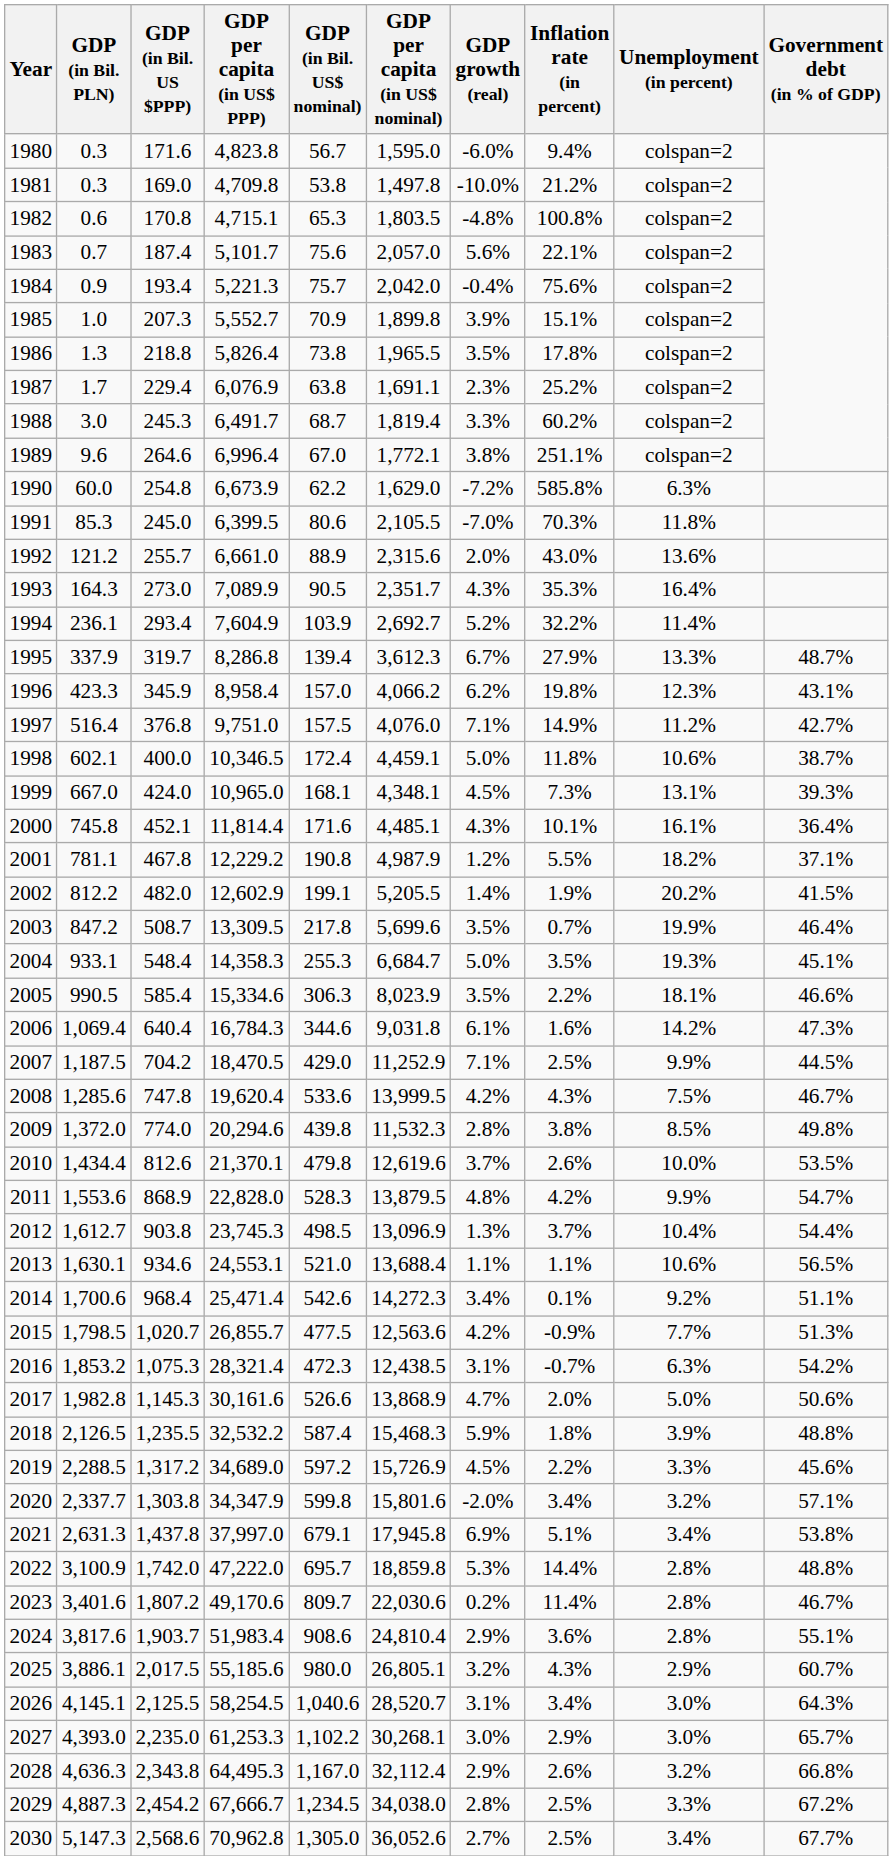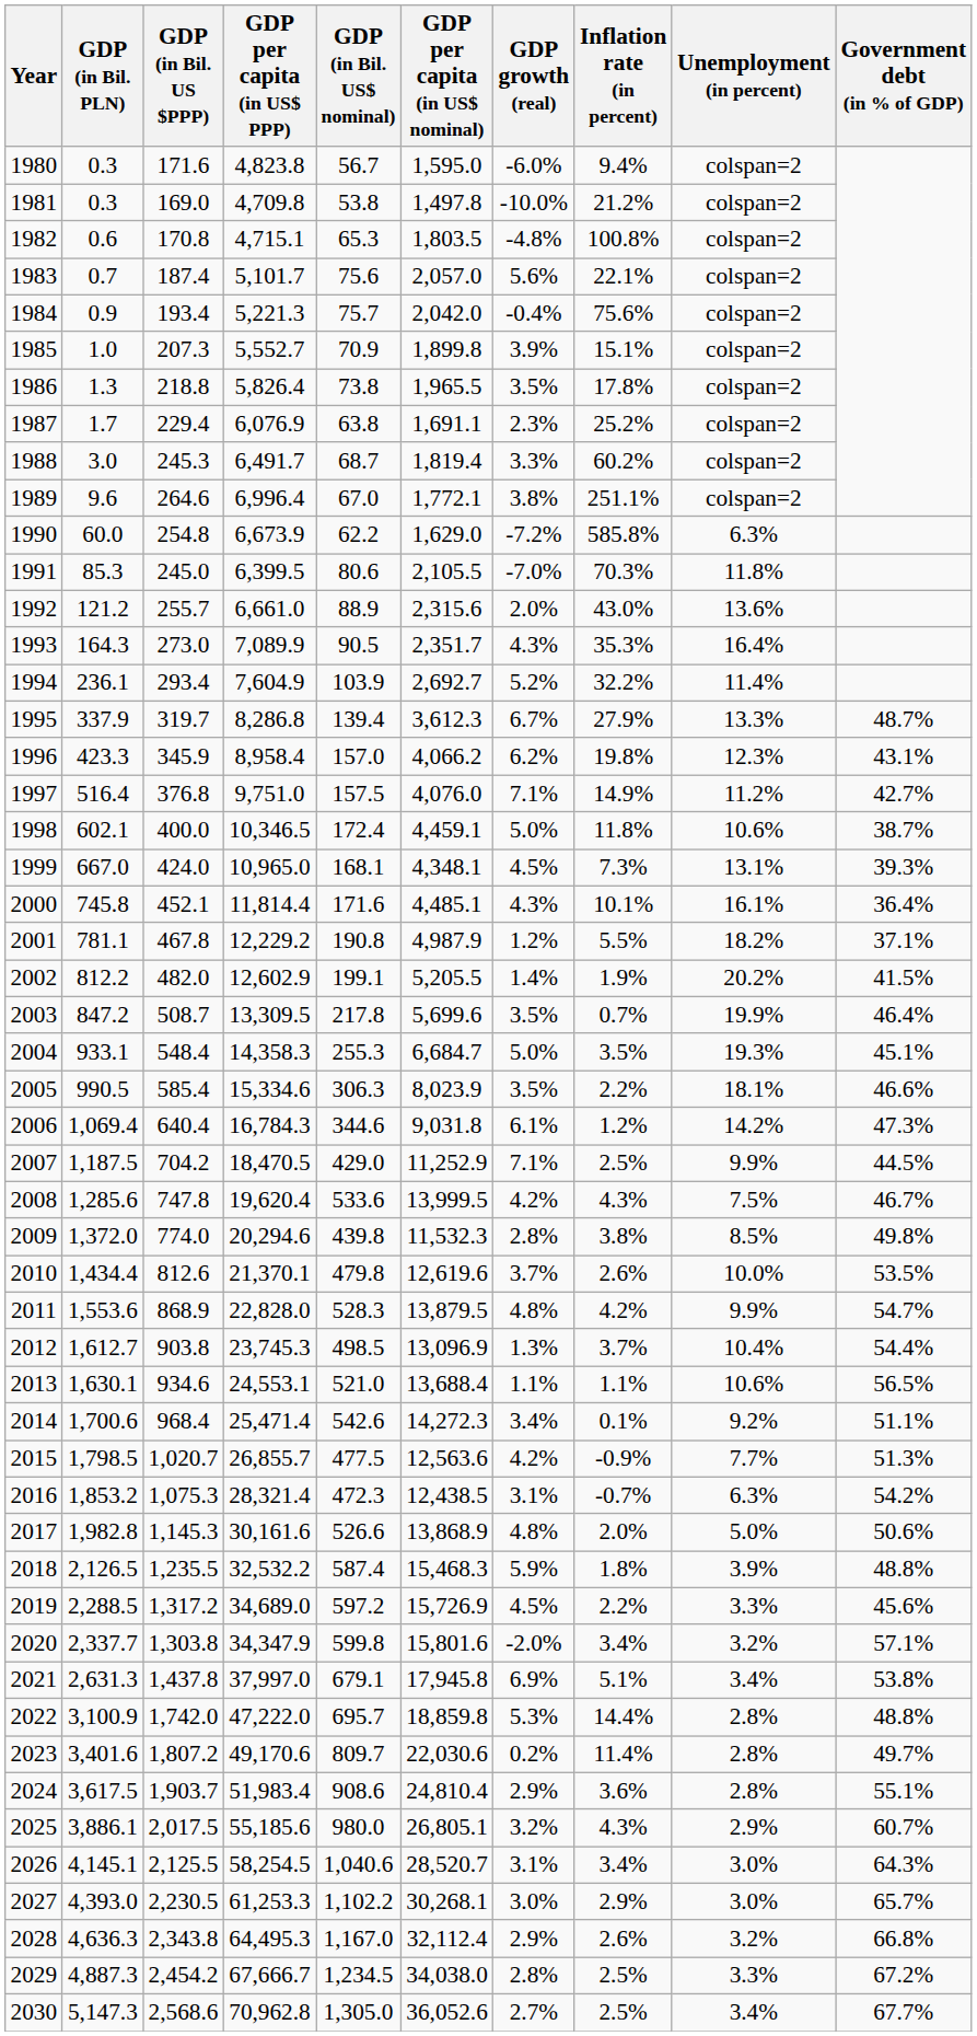 <table class="wikitable" style="text-align:center;">
 <tr>
 <th>Year</th>
 <th>GDP<br><small>(in Bil. PLN)</small></th>
 <th>GDP<br><small>(in Bil. US $PPP)</small></th>
 <th>GDP per capita<br><small>(in US$ PPP)</small></th>
 <th>GDP<br><small>(in Bil. US$ nominal)</small></th>
 <th>GDP per capita<br><small>(in US$ nominal)</small></th>
 <th>GDP growth<br><small>(real)</small></th>
 <th>Inflation rate<br><small>(in percent)</small></th>
 <th>Unemployment<br><small>(in percent)</small></th>
 <th>Government debt<br><small>(in % of GDP)</small></th>
 </tr>
 <tr>
 <td>1980</td>
 <td>0.3</td>
 <td>171.6</td>
 <td>4,823.8</td>
 <td>56.7</td>
 <td>1,595.0</td>
 <td> -6.0%</td>
 <td> 9.4%</td>
 <td>colspan=2</td>
 </tr>
 <tr>
 <td>1981</td>
 <td> 0.3</td>
 <td> 169.0</td>
 <td> 4,709.8</td>
 <td> 53.8</td>
 <td> 1,497.8</td>
 <td> -10.0%</td>
 <td> 21.2%</td>
 <td>colspan=2</td>
 </tr>
 <tr>
 <td>1982</td>
 <td> 0.6</td>
 <td> 170.8</td>
 <td> 4,715.1</td>
 <td> 65.3</td>
 <td> 1,803.5</td>
 <td> -4.8%</td>
 <td> 100.8%</td>
 <td>colspan=2</td>
 </tr>
 <tr>
 <td>1983</td>
 <td> 0.7</td>
 <td> 187.4</td>
 <td> 5,101.7</td>
 <td> 75.6</td>
 <td> 2,057.0</td>
 <td> 5.6%</td>
 <td> 22.1%</td>
 <td>colspan=2</td>
 </tr>
 <tr>
 <td>1984</td>
 <td> 0.9</td>
 <td> 193.4</td>
 <td> 5,221.3</td>
 <td> 75.7</td>
 <td> 2,042.0</td>
 <td> -0.4%</td>
 <td> 75.6%</td>
 <td>colspan=2</td>
 </tr>
 <tr>
 <td>1985</td>
 <td> 1.0</td>
 <td> 207.3</td>
 <td> 5,552.7</td>
 <td> 70.9</td>
 <td> 1,899.8</td>
 <td> 3.9%</td>
 <td> 15.1%</td>
 <td>colspan=2</td>
 </tr>
 <tr>
 <td>1986</td>
 <td> 1.3</td>
 <td> 218.8</td>
 <td> 5,826.4</td>
 <td> 73.8</td>
 <td> 1,965.5</td>
 <td> 3.5%</td>
 <td> 17.8%</td>
 <td>colspan=2</td>
 </tr>
 <tr>
 <td>1987</td>
 <td> 1.7</td>
 <td> 229.4</td>
 <td> 6,076.9</td>
 <td> 63.8</td>
 <td> 1,691.1</td>
 <td> 2.3%</td>
 <td> 25.2%</td>
 <td>colspan=2</td>
 </tr>
 <tr>
 <td>1988</td>
 <td> 3.0</td>
 <td> 245.3</td>
 <td> 6,491.7</td>
 <td> 68.7</td>
 <td> 1,819.4</td>
 <td> 3.3%</td>
 <td> 60.2%</td>
 <td>colspan=2</td>
 </tr>
 <tr>
 <td>1989</td>
 <td> 9.6</td>
 <td> 264.6</td>
 <td> 6,996.4</td>
 <td> 67.0</td>
 <td> 1,772.1</td>
 <td> 3.8%</td>
 <td> 251.1%</td>
 <td>colspan=2</td>
 </tr>
 <tr>
 <td>1990</td>
 <td> 60.0</td>
 <td> 254.8</td>
 <td> 6,673.9</td>
 <td> 62.2</td>
 <td> 1,629.0</td>
 <td> -7.2%</td>
 <td> 585.8%</td>
 <td>6.3%</td>
 <td></td>
 </tr>
 <tr>
 <td>1991</td>
 <td> 85.3</td>
 <td> 245.0</td>
 <td> 6,399.5</td>
 <td> 80.6</td>
 <td> 2,105.5</td>
 <td> -7.0%</td>
 <td> 70.3%</td>
 <td> 11.8%</td>
 <td></td>
 </tr>
 <tr>
 <td>1992</td>
 <td> 121.2</td>
 <td> 255.7</td>
 <td> 6,661.0</td>
 <td> 88.9</td>
 <td> 2,315.6</td>
 <td> 2.0%</td>
 <td> 43.0%</td>
 <td> 13.6%</td>
 <td></td>
 </tr>
 <tr>
 <td>1993</td>
 <td> 164.3</td>
 <td> 273.0</td>
 <td> 7,089.9</td>
 <td> 90.5</td>
 <td> 2,351.7</td>
 <td> 4.3%</td>
 <td> 35.3%</td>
 <td> 16.4%</td>
 <td></td>
 </tr>
 <tr>
 <td>1994</td>
 <td> 236.1</td>
 <td> 293.4</td>
 <td> 7,604.9</td>
 <td> 103.9</td>
 <td> 2,692.7</td>
 <td> 5.2%</td>
 <td> 32.2%</td>
 <td> 11.4%</td>
 <td></td>
 </tr>
 <tr>
 <td>1995</td>
 <td> 337.9</td>
 <td> 319.7</td>
 <td> 8,286.8</td>
 <td> 139.4</td>
 <td> 3,612.3</td>
 <td> 6.7%</td>
 <td> 27.9%</td>
 <td> 13.3%</td>
 <td>48.7%</td>
 </tr>
 <tr>
 <td>1996</td>
 <td> 423.3</td>
 <td> 345.9</td>
 <td> 8,958.4</td>
 <td> 157.0</td>
 <td> 4,066.2</td>
 <td> 6.2%</td>
 <td> 19.8%</td>
 <td> 12.3%</td>
 <td> 43.1%</td>
 </tr>
 <tr>
 <td>1997</td>
 <td> 516.4</td>
 <td> 376.8</td>
 <td> 9,751.0</td>
 <td> 157.5</td>
 <td> 4,076.0</td>
 <td> 7.1%</td>
 <td> 14.9%</td>
 <td> 11.2%</td>
 <td> 42.7%</td>
 </tr>
 <tr>
 <td>1998</td>
 <td> 602.1</td>
 <td> 400.0</td>
 <td> 10,346.5</td>
 <td> 172.4</td>
 <td> 4,459.1</td>
 <td> 5.0%</td>
 <td> 11.8%</td>
 <td> 10.6%</td>
 <td> 38.7%</td>
 </tr>
 <tr>
 <td>1999</td>
 <td> 667.0</td>
 <td> 424.0</td>
 <td> 10,965.0</td>
 <td> 168.1</td>
 <td> 4,348.1</td>
 <td> 4.5%</td>
 <td> 7.3%</td>
 <td> 13.1%</td>
 <td> 39.3%</td>
 </tr>
 <tr>
 <td>2000</td>
 <td> 745.8</td>
 <td> 452.1</td>
 <td> 11,814.4</td>
 <td> 171.6</td>
 <td> 4,485.1</td>
 <td> 4.3%</td>
 <td> 10.1%</td>
 <td> 16.1%</td>
 <td> 36.4%</td>
 </tr>
 <tr>
 <td>2001</td>
 <td> 781.1</td>
 <td> 467.8</td>
 <td> 12,229.2</td>
 <td> 190.8</td>
 <td> 4,987.9</td>
 <td> 1.2%</td>
 <td> 5.5%</td>
 <td> 18.2%</td>
 <td> 37.1%</td>
 </tr>
 <tr>
 <td>2002</td>
 <td> 812.2</td>
 <td> 482.0</td>
 <td> 12,602.9</td>
 <td> 199.1</td>
 <td> 5,205.5</td>
 <td> 1.4%</td>
 <td> 1.9%</td>
 <td> 20.2%</td>
 <td> 41.5%</td>
 </tr>
 <tr>
 <td>2003</td>
 <td> 847.2</td>
 <td> 508.7</td>
 <td> 13,309.5</td>
 <td> 217.8</td>
 <td> 5,699.6</td>
 <td> 3.5%</td>
 <td> 0.7%</td>
 <td> 19.9%</td>
 <td> 46.4%</td>
 </tr>
 <tr>
 <td>2004</td>
 <td> 933.1</td>
 <td> 548.4</td>
 <td> 14,358.3</td>
 <td> 255.3</td>
 <td> 6,684.7</td>
 <td> 5.0%</td>
 <td> 3.5%</td>
 <td> 19.3%</td>
 <td> 45.1%</td>
 </tr>
 <tr>
 <td>2005</td>
 <td> 990.5</td>
 <td> 585.4</td>
 <td> 15,334.6</td>
 <td> 306.3</td>
 <td> 8,023.9</td>
 <td> 3.5%</td>
 <td> 2.2%</td>
 <td> 18.1%</td>
 <td> 46.6%</td>
 </tr>
 <tr>
 <td>2006</td>
 <td>1,069.4</td>
 <td> 640.4</td>
 <td> 16,784.3</td>
 <td> 344.6</td>
 <td> 9,031.8</td>
 <td> 6.1%</td>
-<td> 1.6%</td>
+<td> 1.2%</td>
 <td> 14.2%</td>
 <td> 47.3%</td>
 </tr>
 <tr>
 <td>2007</td>
 <td>1,187.5</td>
 <td> 704.2</td>
 <td> 18,470.5</td>
 <td> 429.0</td>
 <td> 11,252.9</td>
 <td> 7.1%</td>
 <td> 2.5%</td>
 <td> 9.9%</td>
 <td> 44.5%</td>
 </tr>
 <tr>
 <td>2008</td>
 <td>1,285.6</td>
 <td> 747.8</td>
 <td> 19,620.4</td>
 <td> 533.6</td>
 <td> 13,999.5</td>
 <td> 4.2%</td>
 <td> 4.3%</td>
 <td> 7.5%</td>
 <td> 46.7%</td>
 </tr>
 <tr>
 <td>2009</td>
 <td>1,372.0</td>
 <td> 774.0</td>
 <td> 20,294.6</td>
 <td> 439.8</td>
 <td> 11,532.3</td>
 <td> 2.8%</td>
 <td> 3.8%</td>
 <td> 8.5%</td>
 <td> 49.8%</td>
 </tr>
 <tr>
 <td>2010</td>
 <td>1,434.4</td>
 <td> 812.6</td>
 <td> 21,370.1</td>
 <td> 479.8</td>
 <td> 12,619.6</td>
 <td> 3.7%</td>
 <td> 2.6%</td>
 <td> 10.0%</td>
 <td> 53.5%</td>
 </tr>
 <tr>
 <td>2011</td>
 <td>1,553.6</td>
 <td> 868.9</td>
 <td> 22,828.0</td>
 <td> 528.3</td>
 <td> 13,879.5</td>
 <td> 4.8%</td>
 <td> 4.2%</td>
 <td> 9.9%</td>
 <td> 54.7%</td>
 </tr>
 <tr>
 <td>2012</td>
 <td>1,612.7</td>
 <td> 903.8</td>
 <td> 23,745.3</td>
 <td> 498.5</td>
 <td> 13,096.9</td>
 <td> 1.3%</td>
 <td> 3.7%</td>
 <td> 10.4%</td>
 <td> 54.4%</td>
 </tr>
 <tr>
 <td>2013</td>
 <td>1,630.1</td>
 <td> 934.6</td>
 <td> 24,553.1</td>
 <td> 521.0</td>
 <td> 13,688.4</td>
 <td> 1.1%</td>
 <td> 1.1%</td>
 <td> 10.6%</td>
 <td> 56.5%</td>
 </tr>
 <tr>
 <td>2014</td>
 <td>1,700.6</td>
 <td> 968.4</td>
 <td> 25,471.4</td>
 <td> 542.6</td>
 <td> 14,272.3</td>
 <td> 3.4%</td>
 <td> 0.1%</td>
 <td> 9.2%</td>
 <td> 51.1%</td>
 </tr>
 <tr>
 <td>2015</td>
 <td>1,798.5</td>
 <td> 1,020.7</td>
 <td> 26,855.7</td>
 <td> 477.5</td>
 <td> 12,563.6</td>
 <td> 4.2%</td>
 <td> -0.9%</td>
 <td> 7.7%</td>
 <td> 51.3%</td>
 </tr>
 <tr>
 <td>2016</td>
 <td>1,853.2</td>
 <td> 1,075.3</td>
 <td> 28,321.4</td>
 <td> 472.3</td>
 <td> 12,438.5</td>
 <td> 3.1%</td>
 <td> -0.7%</td>
 <td> 6.3%</td>
 <td> 54.2%</td>
 </tr>
 <tr>
 <td>2017</td>
 <td>1,982.8</td>
 <td> 1,145.3</td>
 <td> 30,161.6</td>
 <td> 526.6</td>
 <td> 13,868.9</td>
-<td> 4.7%</td>
+<td> 4.8%</td>
 <td> 2.0%</td>
 <td> 5.0%</td>
 <td> 50.6%</td>
 </tr>
 <tr>
 <td>2018</td>
 <td>2,126.5</td>
 <td> 1,235.5</td>
 <td> 32,532.2</td>
 <td> 587.4</td>
 <td> 15,468.3</td>
 <td> 5.9%</td>
 <td> 1.8%</td>
 <td> 3.9%</td>
 <td> 48.8%</td>
 </tr>
 <tr>
 <td>2019</td>
 <td>2,288.5</td>
 <td> 1,317.2</td>
 <td> 34,689.0</td>
 <td> 597.2</td>
 <td> 15,726.9</td>
 <td> 4.5%</td>
 <td> 2.2%</td>
 <td> 3.3%</td>
 <td> 45.6%</td>
 </tr>
 <tr>
 <td>2020</td>
 <td>2,337.7</td>
 <td> 1,303.8</td>
 <td> 34,347.9</td>
 <td> 599.8</td>
 <td> 15,801.6</td>
 <td> -2.0%</td>
 <td> 3.4%</td>
 <td> 3.2%</td>
 <td> 57.1%</td>
 </tr>
 <tr>
 <td>2021</td>
 <td>2,631.3</td>
 <td> 1,437.8</td>
 <td> 37,997.0</td>
 <td> 679.1</td>
 <td> 17,945.8</td>
 <td> 6.9%</td>
 <td> 5.1%</td>
 <td> 3.4%</td>
 <td> 53.8%</td>
 </tr>
 <tr>
 <td>2022</td>
 <td>3,100.9</td>
 <td> 1,742.0</td>
 <td> 47,222.0</td>
 <td> 695.7</td>
 <td> 18,859.8</td>
 <td> 5.3%</td>
 <td> 14.4%</td>
 <td> 2.8%</td>
 <td> 48.8%</td>
 </tr>
 <tr>
 <td>2023</td>
 <td>3,401.6</td>
 <td> 1,807.2</td>
 <td> 49,170.6</td>
 <td> 809.7</td>
 <td> 22,030.6</td>
 <td> 0.2%</td>
 <td> 11.4%</td>
 <td> 2.8%</td>
-<td> 46.7%</td>
+<td> 49.7%</td>
 </tr>
 <tr>
 <td>2024</td>
-<td>3,817.6</td>
+<td>3,617.5</td>
 <td> 1,903.7</td>
 <td> 51,983.4</td>
 <td> 908.6</td>
 <td> 24,810.4</td>
 <td> 2.9%</td>
 <td> 3.6%</td>
 <td> 2.8%</td>
 <td> 55.1%</td>
 </tr>
 <tr>
 <td>2025</td>
 <td>3,886.1</td>
 <td> 2,017.5</td>
 <td> 55,185.6</td>
 <td> 980.0</td>
 <td> 26,805.1</td>
 <td> 3.2%</td>
 <td> 4.3%</td>
 <td> 2.9%</td>
 <td> 60.7%</td>
 </tr>
 <tr>
 <td>2026</td>
 <td>4,145.1</td>
 <td> 2,125.5</td>
 <td> 58,254.5</td>
 <td> 1,040.6</td>
 <td> 28,520.7</td>
 <td> 3.1%</td>
 <td> 3.4%</td>
 <td> 3.0%</td>
 <td> 64.3%</td>
 </tr>
 <tr>
 <td>2027</td>
 <td>4,393.0</td>
-<td> 2,235.0</td>
+<td> 2,230.5</td>
 <td> 61,253.3</td>
 <td> 1,102.2</td>
 <td> 30,268.1</td>
 <td> 3.0%</td>
 <td> 2.9%</td>
 <td> 3.0%</td>
 <td> 65.7%</td>
 </tr>
 <tr>
 <td>2028</td>
 <td>4,636.3</td>
 <td> 2,343.8</td>
 <td> 64,495.3</td>
 <td> 1,167.0</td>
 <td> 32,112.4</td>
 <td> 2.9%</td>
 <td> 2.6%</td>
 <td> 3.2%</td>
 <td> 66.8%</td>
 </tr>
 <tr>
 <td>2029</td>
 <td>4,887.3</td>
 <td> 2,454.2</td>
 <td> 67,666.7</td>
 <td> 1,234.5</td>
 <td> 34,038.0</td>
 <td> 2.8%</td>
 <td> 2.5%</td>
 <td> 3.3%</td>
 <td> 67.2%</td>
 </tr>
 <tr>
 <td>2030</td>
 <td>5,147.3</td>
 <td> 2,568.6</td>
 <td> 70,962.8</td>
 <td> 1,305.0</td>
 <td> 36,052.6</td>
 <td> 2.7%</td>
 <td> 2.5%</td>
 <td> 3.4%</td>
 <td> 67.7%</td>
 </tr>
 </table>
